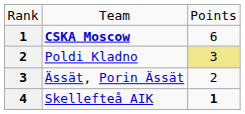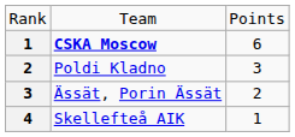 <table class="wikitable" style="text-align: center;">
 <tr>
 <td>Rank</td>
 <td>Team</td>
 <td>Points</td>
 </tr>
 <tr>
 <th>1</th>
 <td style="text-align: left;"> <strong><a href='#'>CSKA Moscow</a></strong></td>
 <td>6</td>
 </tr>
 <tr>
 <th>2</th>
 <td style="text-align: left;"> <a href='#'>Poldi Kladno</a></td>
-<td style="background: khaki;">3</td>
+<td>3</td>
 </tr>
 <tr>
 <th>3</th>
 <td style="text-align: left;"> <a href='#'>Ässät</a>, <a href='#'>Porin Ässät</a></td>
 <td>2</td>
 </tr>
 <tr>
 <th>4</th>
 <td style="text-align: left;"> <a href='#'>Skellefteå AIK</a></td>
-<td><strong>1</strong></td>
+<td>1</td>
 </tr>
 </table>
